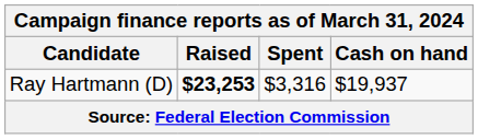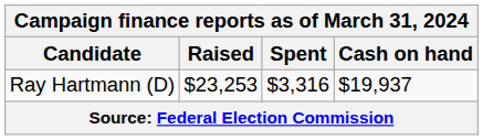 <table class="wikitable sortable">
 <tr>
 <th colspan="4">Campaign finance reports as of March 31, 2024</th>
 </tr>
 <tr style="text-align:center;">
 <th>Candidate</th>
 <th>Raised</th>
 <th>Spent</th>
 <th>Cash on hand</th>
 </tr>
 <tr>
 <td>Ray Hartmann (D)</td>
-<td><strong>$23,253</strong></td>
+<td>$23,253</td>
 <td>$3,316</td>
 <td>$19,937</td>
 </tr>
 <tr>
 <th colspan="4"><small>Source: <a href='#'>Federal Election Commission</a></small></th>
 </tr>
 </table>
